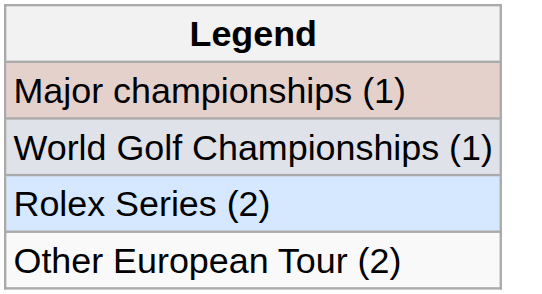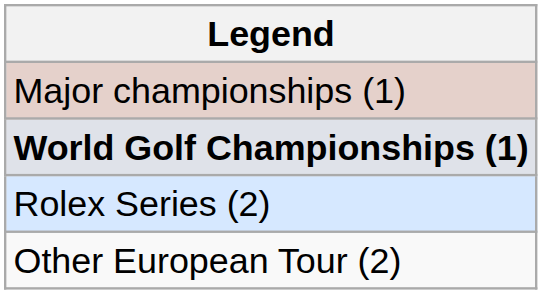 <table class="wikitable" style="font-size:95%;">
 <tr>
 <th>Legend</th>
 </tr>
 <tr style="background:#e5d1cb;">
 <td>Major championships  (1)</td>
 </tr>
 <tr style="background:#dfe2e9;">
-<td>World Golf Championships (1)</td>
+<td><strong>World Golf Championships (1)</strong></td>
 </tr>
 <tr style="background:#D6E8FF;">
 <td>Rolex Series (2)</td>
 </tr>
 <tr>
 <td>Other European Tour (2)</td>
 </tr>
 </table>
